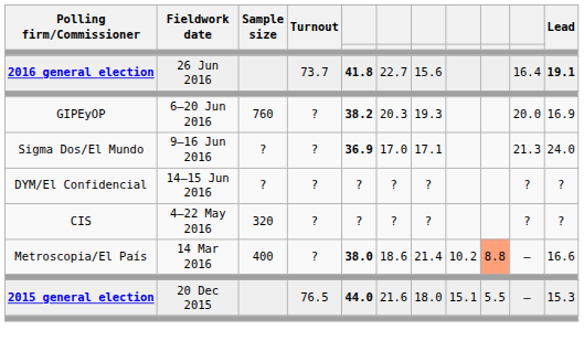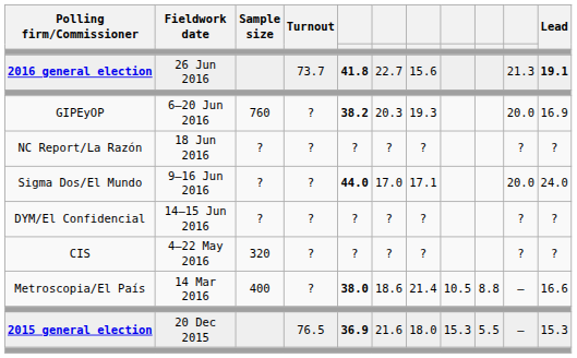 <table class="wikitable collapsible collapsed" style="text-align:center; font-size:95%; line-height:16px;">
 <tr style="height:42px; background-color:#E9E9E9">
 <th style="width:250px;" rowspan="2">Polling firm/Commissioner</th>
 <th style="width:125px;" rowspan="2">Fieldwork date</th>
 <th style="width:50px;" rowspan="2">Sample size</th>
 <th style="width:45px;" rowspan="2">Turnout</th>
 <th style="width:35px;"></th>
 <th style="width:35px;"></th>
 <th style="width:35px;"></th>
 <th style="width:35px;"></th>
 <th style="width:35px;"></th>
 <th style="width:35px;"></th>
 <th style="width:30px;" rowspan="2">Lead</th>
 </tr>
 <tr>
 <th style="color:inherit;background:"></th>
 <th style="color:inherit;background:"></th>
 <th style="color:inherit;background:"></th>
 <th style="color:inherit;background:"></th>
 <th style="color:inherit;background:"></th>
 <th style="color:inherit;background:"></th>
 </tr>
 <tr>
 <td colspan="11" style="background:#A0A0A0"></td>
 </tr>
 <tr style="background:#EFEFEF;">
 <td><strong><a href='#'>2016 general election</a></strong></td>
 <td>26 Jun 2016</td>
 <td></td>
 <td>73.7</td>
 <td><strong>41.8</strong><br></td>
 <td>22.7<br></td>
 <td>15.6<br></td>
 <td></td>
 <td></td>
-<td>16.4<br></td>
+<td>21.3<br></td>
 <td style="background:"><strong>19.1</strong></td>
 </tr>
 <tr>
 <td colspan="11" style="background:#A0A0A0"></td>
 </tr>
 <tr>
 <td>GIPEyOP</td>
 <td>6–20 Jun 2016</td>
 <td>760</td>
 <td>?</td>
 <td><strong>38.2</strong><br></td>
 <td>20.3<br></td>
 <td>19.3<br></td>
 <td></td>
 <td></td>
 <td>20.0<br></td>
 <td style="background:">16.9</td>
 </tr>
 <tr>
+<td>NC Report/La Razón</td>
+<td>18 Jun 2016</td>
+<td>?</td>
+<td>?</td>
+<td>?<br></td>
+<td>?<br></td>
+<td>?<br></td>
+<td></td>
+<td></td>
+<td>?<br></td>
+<td style="background:">?</td>
+</tr>
+<tr>
 <td>Sigma Dos/El Mundo</td>
 <td>9–16 Jun 2016</td>
 <td>?</td>
 <td>?</td>
-<td><strong>36.9</strong><br></td>
+<td><strong>44.0</strong><br></td>
 <td>17.0<br></td>
 <td>17.1<br></td>
 <td></td>
 <td></td>
-<td>21.3<br></td>
+<td>20.0<br></td>
 <td style="background:">24.0</td>
 </tr>
 <tr>
 <td>DYM/El Confidencial</td>
 <td>14–15 Jun 2016</td>
 <td>?</td>
 <td>?</td>
 <td>?<br></td>
 <td>?<br></td>
 <td>?<br></td>
 <td></td>
 <td></td>
 <td>?<br></td>
 <td style="background:">?</td>
 </tr>
 <tr>
 <td>CIS</td>
 <td>4–22 May 2016</td>
 <td>320</td>
 <td>?</td>
 <td>?<br></td>
 <td>?<br></td>
 <td>?<br></td>
 <td></td>
 <td></td>
 <td>?<br></td>
 <td style="background:">?</td>
 </tr>
 <tr>
 <td>Metroscopia/El País</td>
 <td>14 Mar 2016</td>
 <td>400</td>
 <td>?</td>
 <td><strong>38.0</strong><br></td>
 <td>18.6<br></td>
 <td>21.4<br></td>
-<td>10.2<br></td>
-<td style="background: lightsalmon;">8.8<br></td>
+<td>10.5<br></td>
+<td>8.8<br></td>
 <td>–</td>
 <td style="background:">16.6</td>
 </tr>
 <tr>
 <td colspan="11" style="background:#A0A0A0"></td>
 </tr>
 <tr style="background:#EFEFEF;">
 <td><strong><a href='#'>2015 general election</a></strong></td>
 <td>20 Dec 2015</td>
 <td></td>
 <td>76.5</td>
-<td><strong>44.0</strong><br></td>
+<td><strong>36.9</strong><br></td>
 <td>21.6<br></td>
 <td>18.0<br></td>
-<td>15.1<br></td>
+<td>15.3<br></td>
 <td>5.5<br></td>
 <td>–</td>
 <td style="background:">15.3</td>
 </tr>
 <tr>
 <td colspan="11" style="background:#A0A0A0"></td>
 </tr>
 </table>
